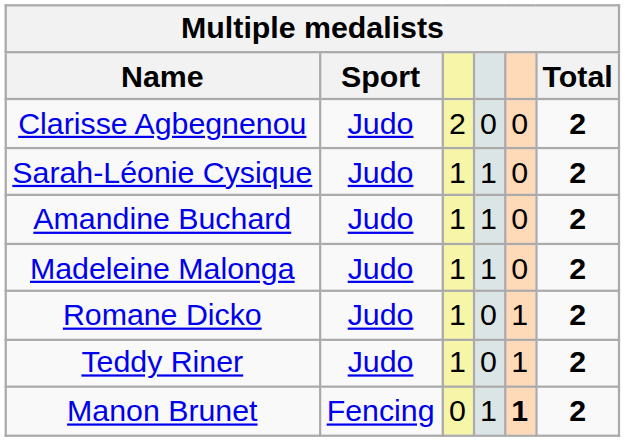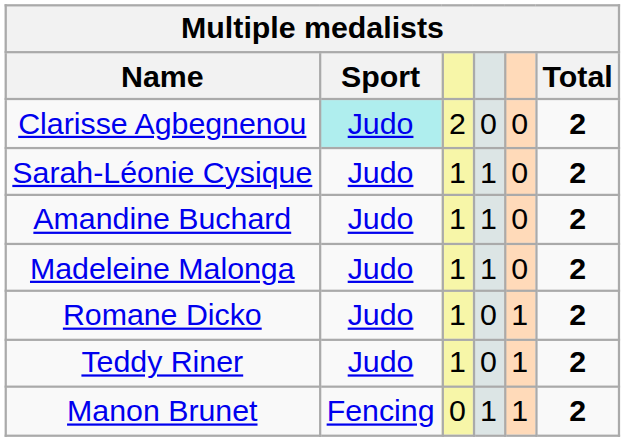 <table class="wikitable" style="font-size:85%; float:right;">
 <tr style="background:#efefef;">
 <th colspan=7><strong>Multiple medalists</strong></th>
 </tr>
 <tr>
 <th>Name</th>
 <th>Sport</th>
 <td bgcolor=F7F6A8></td>
 <td bgcolor=DCE5E5></td>
 <td bgcolor=FFDAB9></td>
 <th>Total</th>
 </tr>
 <tr align=center>
 <td><a href='#'>Clarisse Agbegnenou</a></td>
-<td><a href='#'>Judo</a></td>
+<td style="background: paleturquoise;"><a href='#'>Judo</a></td>
 <td bgcolor=F7F6A8>2</td>
 <td bgcolor=DCE5E5>0</td>
 <td bgcolor=FFDAB9>0</td>
 <td><strong>2</strong></td>
 </tr>
 <tr align=center>
 <td><a href='#'>Sarah-Léonie Cysique</a></td>
 <td><a href='#'>Judo</a></td>
 <td bgcolor=F7F6A8>1</td>
 <td bgcolor=DCE5E5>1</td>
 <td bgcolor=FFDAB9>0</td>
 <td><strong>2</strong></td>
 </tr>
 <tr align=center>
 <td><a href='#'>Amandine Buchard</a></td>
 <td><a href='#'>Judo</a></td>
 <td bgcolor=F7F6A8>1</td>
 <td bgcolor=DCE5E5>1</td>
 <td bgcolor=FFDAB9>0</td>
 <td><strong>2</strong></td>
 </tr>
 <tr align=center>
 <td><a href='#'>Madeleine Malonga</a></td>
 <td><a href='#'>Judo</a></td>
 <td bgcolor=F7F6A8>1</td>
 <td bgcolor=DCE5E5>1</td>
 <td bgcolor=FFDAB9>0</td>
 <td><strong>2</strong></td>
 </tr>
 <tr align=center>
 <td><a href='#'>Romane Dicko</a></td>
 <td><a href='#'>Judo</a></td>
 <td bgcolor=F7F6A8>1</td>
 <td bgcolor=DCE5E5>0</td>
 <td bgcolor=FFDAB9>1</td>
 <td><strong>2</strong></td>
 </tr>
 <tr align=center>
 <td><a href='#'>Teddy Riner</a></td>
 <td><a href='#'>Judo</a></td>
 <td bgcolor=F7F6A8>1</td>
 <td bgcolor=DCE5E5>0</td>
 <td bgcolor=FFDAB9>1</td>
 <td><strong>2</strong></td>
 </tr>
 <tr align=center>
 <td><a href='#'>Manon Brunet</a></td>
 <td><a href='#'>Fencing</a></td>
 <td bgcolor=F7F6A8>0</td>
 <td bgcolor=DCE5E5>1</td>
-<td bgcolor=FFDAB9><strong>1</strong></td>
+<td bgcolor=FFDAB9>1</td>
 <td><strong>2</strong></td>
 </tr>
 </table>
